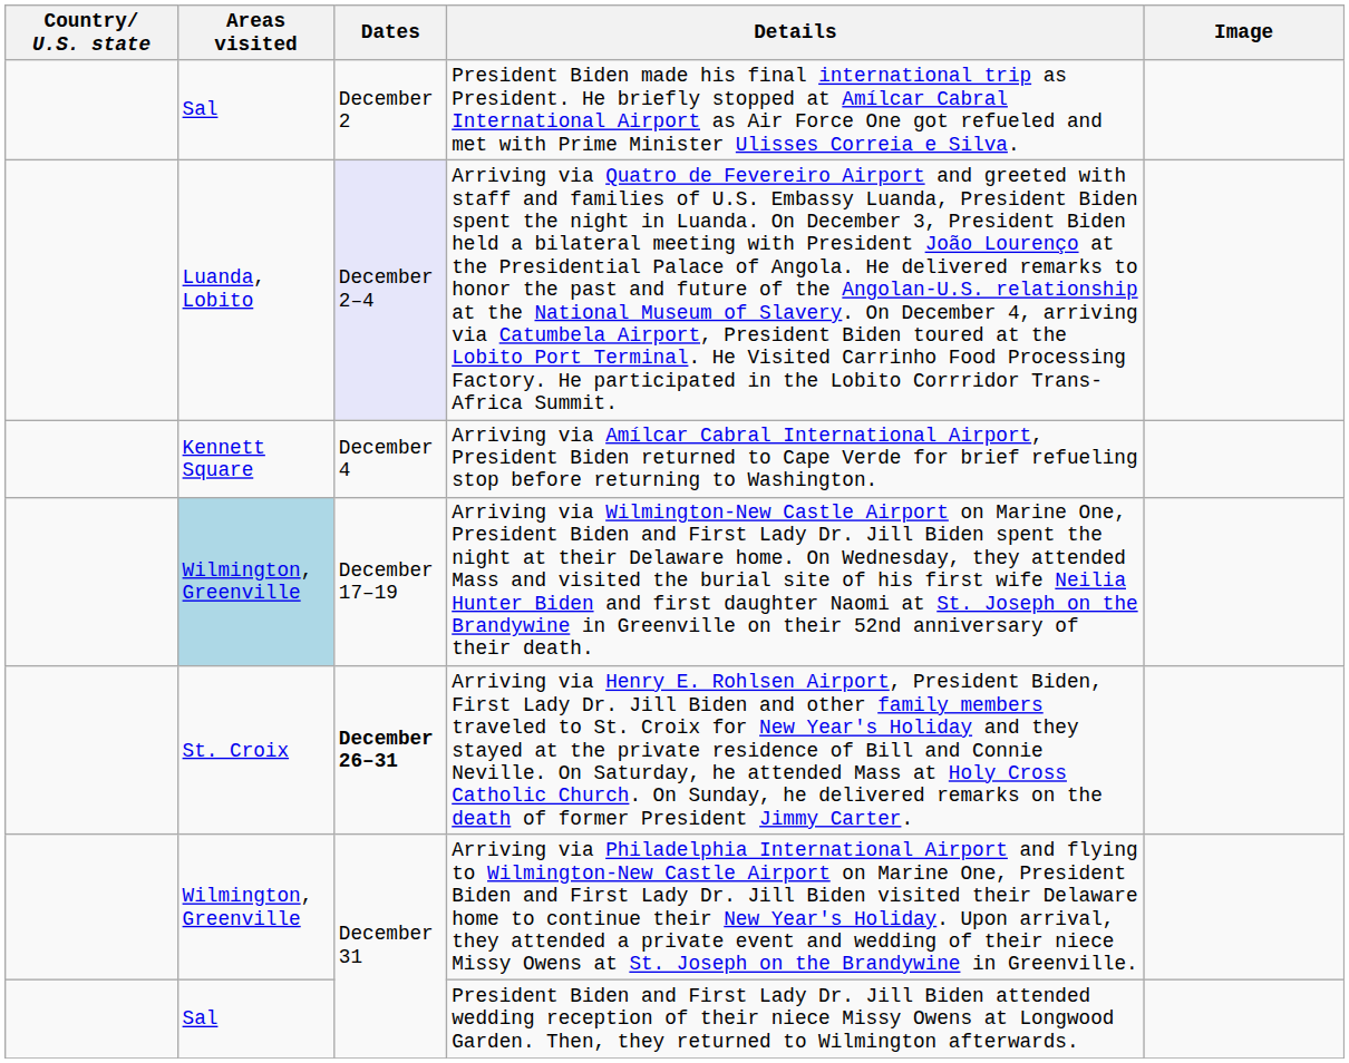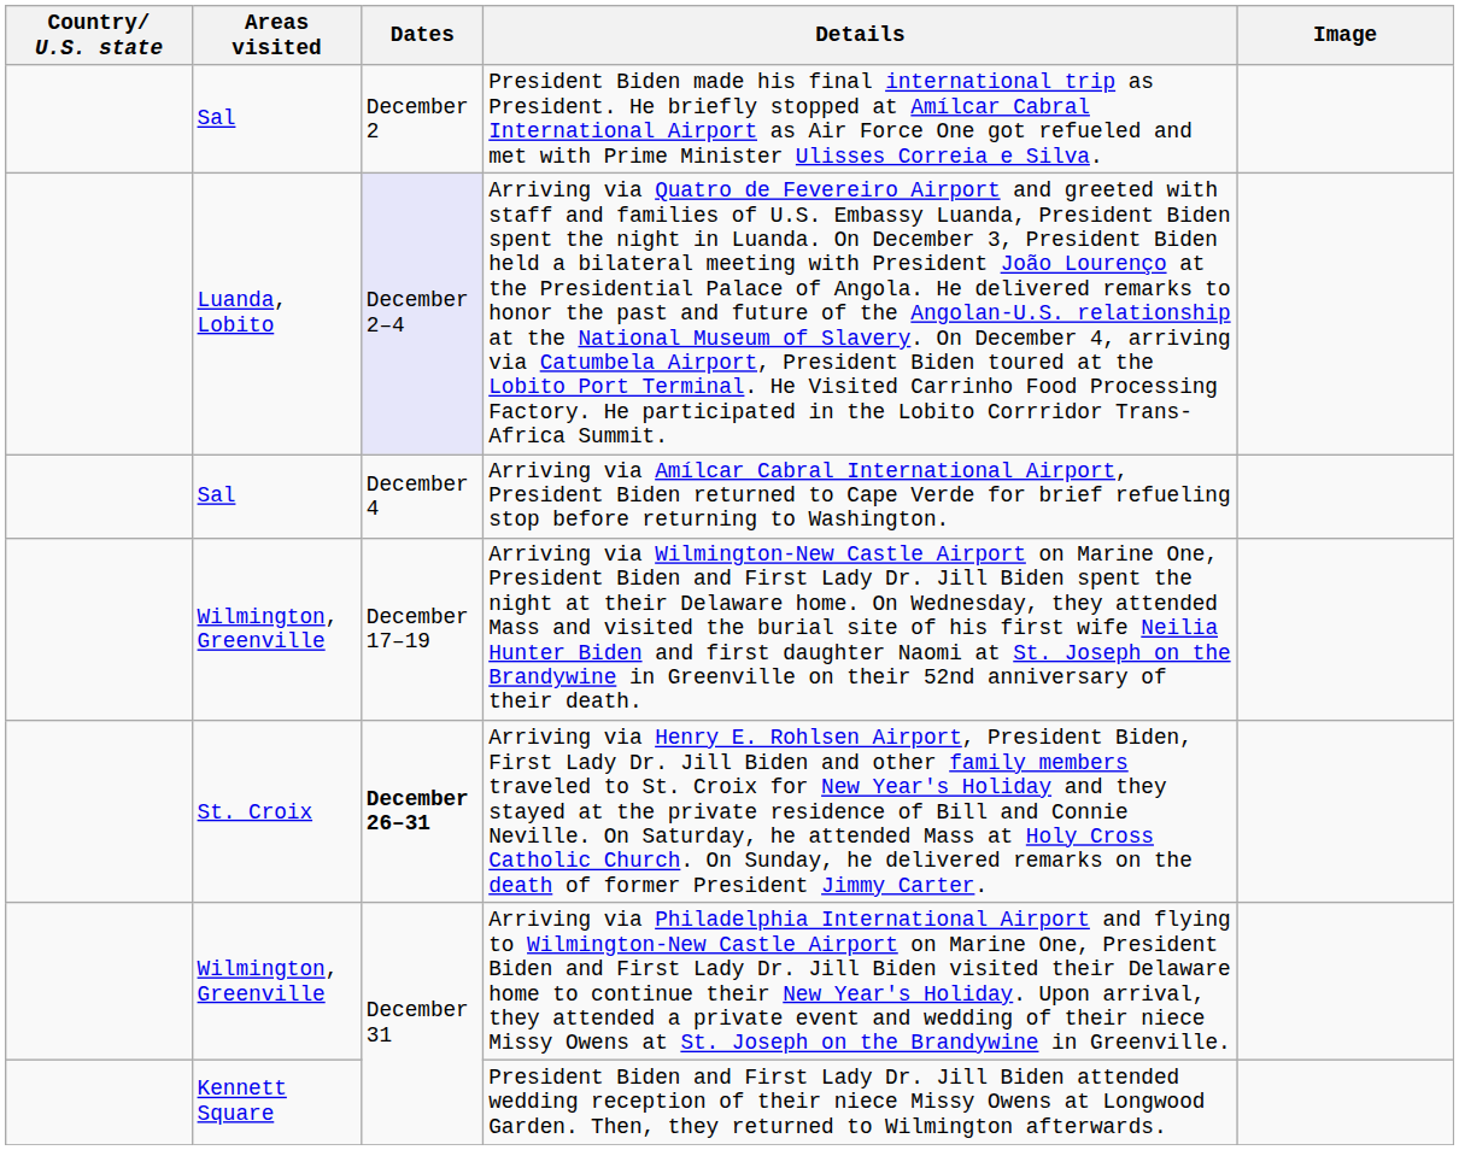 <table class="wikitable" style="margin: 1em auto 1em auto">
 <tr>
 <th width=120>Country/<br><em>U.S. state</em></th>
 <th width=100>Areas visited</th>
 <th width=70>Dates</th>
 <th width=550>Details</th>
 <th width=150>Image</th>
 </tr>
 <tr>
 <td></td>
 <td><a href='#'>Sal</a></td>
 <td>December 2</td>
 <td>President Biden made his final <a href='#'>international trip</a> as President. He briefly stopped at <a href='#'>Amílcar Cabral International Airport</a> as Air Force One got refueled and met with Prime Minister <a href='#'>Ulisses Correia e Silva</a>.</td>
 <td></td>
 </tr>
 <tr>
 <td></td>
 <td><a href='#'>Luanda</a>, <a href='#'>Lobito</a></td>
 <td style="background: lavender;">December 2–4</td>
 <td>Arriving via <a href='#'>Quatro de Fevereiro Airport</a> and greeted with staff and families of U.S. Embassy Luanda, President Biden spent the night in Luanda. On December 3, President Biden held a bilateral meeting with President <a href='#'>João Lourenço</a> at the Presidential Palace of Angola. He delivered remarks to honor the past and future of the <a href='#'>Angolan-U.S. relationship</a> at the <a href='#'>National Museum of Slavery</a>. On December 4, arriving via <a href='#'>Catumbela Airport</a>, President Biden toured at the <a href='#'>Lobito Port Terminal</a>. He Visited Carrinho Food Processing Factory. He participated in the Lobito Corrridor Trans-Africa Summit.</td>
 <td></td>
 </tr>
 <tr>
 <td></td>
-<td><a href='#'>Kennett Square</a></td>
+<td><a href='#'>Sal</a></td>
 <td>December 4</td>
 <td>Arriving via <a href='#'>Amílcar Cabral International Airport</a>, President Biden returned to Cape Verde for brief refueling stop before returning to Washington.</td>
 <td></td>
 </tr>
 <tr>
 <td></td>
-<td style="background: lightblue;"><a href='#'>Wilmington</a>, <a href='#'>Greenville</a></td>
+<td><a href='#'>Wilmington</a>, <a href='#'>Greenville</a></td>
 <td>December 17–19</td>
 <td>Arriving via <a href='#'>Wilmington-New Castle Airport</a> on Marine One, President Biden and First Lady Dr. Jill Biden spent the night at their Delaware home. On Wednesday, they attended Mass and visited the burial site of his first wife <a href='#'>Neilia Hunter Biden</a> and first daughter Naomi at <a href='#'>St. Joseph on the Brandywine</a> in Greenville on their 52nd anniversary of their death.</td>
 <td></td>
 </tr>
 <tr>
 <td></td>
 <td><a href='#'>St. Croix</a></td>
 <td><strong>December 26–31</strong></td>
 <td>Arriving via <a href='#'>Henry E. Rohlsen Airport</a>, President Biden, First Lady Dr. Jill Biden and other <a href='#'>family members</a> traveled to St. Croix for <a href='#'>New Year's Holiday</a> and they stayed at the private residence of Bill and Connie Neville. On Saturday, he attended Mass at <a href='#'>Holy Cross Catholic Church</a>. On Sunday, he delivered remarks on the <a href='#'>death</a> of former President <a href='#'>Jimmy Carter</a>.</td>
 <td></td>
 </tr>
 <tr>
 <td></td>
 <td><a href='#'>Wilmington</a>, <a href='#'>Greenville</a></td>
 <td rowspan="2">December 31</td>
 <td>Arriving via <a href='#'>Philadelphia International Airport</a> and flying to <a href='#'>Wilmington-New Castle Airport</a> on Marine One, President Biden and First Lady Dr. Jill Biden visited their Delaware home to continue their <a href='#'>New Year's Holiday</a>. Upon arrival, they attended a private event and wedding of their niece Missy Owens at <a href='#'>St. Joseph on the Brandywine</a> in Greenville.</td>
 <td></td>
 </tr>
 <tr>
 <td></td>
-<td><a href='#'>Sal</a></td>
+<td><a href='#'>Kennett Square</a></td>
 <td>President Biden and First Lady Dr. Jill Biden attended wedding reception of their niece Missy Owens at Longwood Garden. Then, they returned to Wilmington afterwards.</td>
 <td></td>
 </tr>
 </table>
